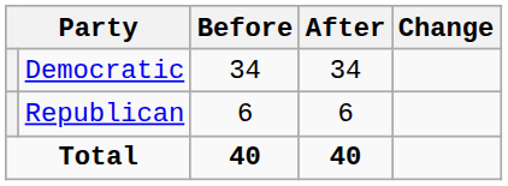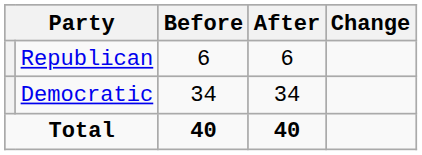 <table class="wikitable" style="text-align:center;">
 <tr>
 <th colspan="2">Party</th>
 <th>Before</th>
 <th>After</th>
 <th>Change</th>
 </tr>
 <tr>
 <th style="background-color:"></th>
-<td style="text-align:left;"><a href='#'>Democratic</a></td>
-<td>34</td>
-<td>34</td>
+<td style="text-align:left;"><a href='#'>Republican</a></td>
+<td>6</td>
+<td>6</td>
 <td></td>
 </tr>
 <tr>
 <th style="background-color:"></th>
-<td style="text-align:left;"><a href='#'>Republican</a></td>
-<td>6</td>
-<td>6</td>
+<td style="text-align:left;"><a href='#'>Democratic</a></td>
+<td>34</td>
+<td>34</td>
 <td></td>
 </tr>
 <tr>
 <td colspan="2"><strong>Total</strong></td>
 <td><strong>40</strong></td>
 <td><strong>40</strong></td>
 <td></td>
 </tr>
 </table>
